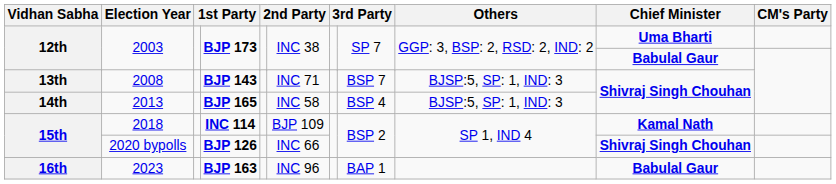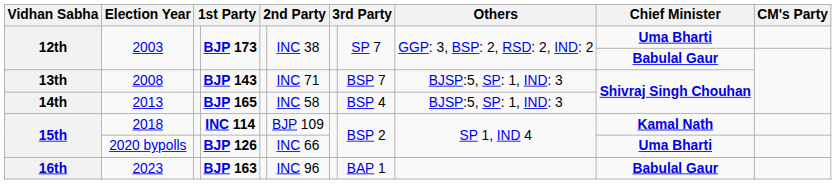 <table class="wikitable" style="text-align:center">
 <tr>
 <th>Vidhan Sabha</th>
 <th>Election Year</th>
 <th colspan="2">1st Party</th>
 <th colspan="2">2nd Party</th>
 <th colspan="2">3rd Party</th>
 <th>Others</th>
 <th>Chief Minister</th>
 <th colspan=2>CM's Party</th>
 </tr>
 <tr>
 <th rowspan=3>12th</th>
 <td rowspan=3><a href='#'>2003</a></td>
 <td rowspan=3: style="background-color: "></td>
 <td rowspan=3><strong><a href='#'>BJP</a> 173</strong></td>
 <td rowspan=3: style="background-color: "></td>
 <td rowspan=3><a href='#'>INC</a> 38</td>
 <td rowspan=3: style="background-color: "></td>
 <td rowspan=3><a href='#'>SP</a> 7</td>
 <td rowspan=3><a href='#'>GGP</a>: 3, <a href='#'>BSP</a>: 2, <a href='#'>RSD</a>: 2, <a href='#'>IND</a>: 2</td>
 <td><strong><a href='#'>Uma Bharti</a></strong></td>
 <td></td>
 </tr>
 <tr>
 <td><strong><a href='#'>Babulal Gaur</a></strong></td>
 </tr>
 <tr>
 <td rowspan=3><strong><a href='#'>Shivraj Singh Chouhan</a></strong></td>
 </tr>
 <tr>
 <th>13th</th>
 <td><a href='#'>2008</a></td>
 <td style="background-color: "></td>
 <td><strong><a href='#'>BJP</a> 143</strong></td>
 <td style="background-color: "></td>
 <td><a href='#'>INC</a> 71</td>
 <td style="background-color: "></td>
 <td><a href='#'>BSP</a> 7</td>
 <td><a href='#'>BJSP</a>:5, <a href='#'>SP</a>: 1, <a href='#'>IND</a>: 3</td>
 </tr>
 <tr>
 <th>14th</th>
 <td><a href='#'>2013</a></td>
 <td style="background-color: "></td>
 <td><strong><a href='#'>BJP</a> 165</strong></td>
 <td style="background-color: "></td>
 <td><a href='#'>INC</a> 58</td>
 <td style="background-color: "></td>
 <td><a href='#'>BSP</a> 4</td>
 <td><a href='#'>BJSP</a>:5, <a href='#'>SP</a>: 1, <a href='#'>IND</a>: 3</td>
 </tr>
 <tr>
 <th rowspan=2><a href='#'>15th</a></th>
 <td><a href='#'>2018</a></td>
 <td style="background-color: "></td>
 <td><strong><a href='#'>INC</a> 114</strong></td>
 <td style="background-color: "></td>
 <td><a href='#'>BJP</a> 109</td>
 <td rowspan=2 style="background-color: "></td>
 <td rowspan=2><a href='#'>BSP</a> 2</td>
 <td rowspan=2><a href='#'>SP</a> 1, <a href='#'>IND</a> 4</td>
 <td><strong><a href='#'>Kamal Nath</a></strong></td>
 <td></td>
 </tr>
 <tr>
 <td><a href='#'>2020 bypolls</a></td>
 <td style="background-color: "></td>
 <td><strong><a href='#'>BJP</a> 126</strong></td>
 <td style="background-color: "></td>
 <td><a href='#'>INC</a> 66</td>
-<td><strong><a href='#'>Shivraj Singh Chouhan</a></strong></td>
+<td><strong><a href='#'>Uma Bharti</a></strong></td>
 <td></td>
 </tr>
 <tr>
 <th><a href='#'>16th</a></th>
 <td><a href='#'>2023</a></td>
 <td style="background-color: "></td>
 <td><strong><a href='#'>BJP</a> 163</strong></td>
 <td style="background-color: "></td>
 <td><a href='#'>INC</a> 96</td>
 <td style="background-color: "></td>
 <td><a href='#'>BAP</a> 1</td>
 <td></td>
 <td><strong><a href='#'>Babulal Gaur</a></strong></td>
 <td></td>
 </tr>
 </table>
